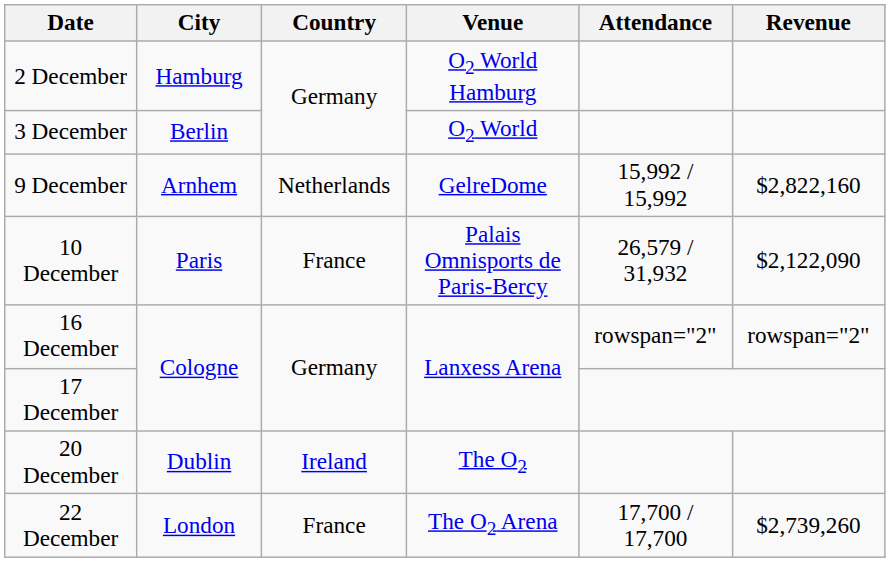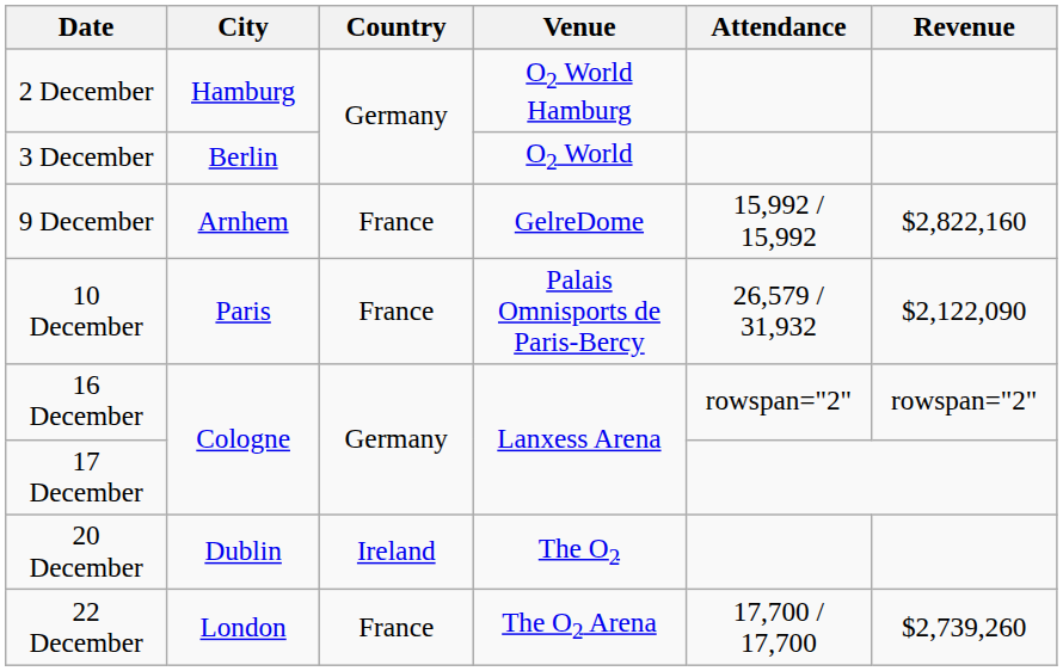 <table class="wikitable" style="text-align:center;">
 <tr>
 <th width="150">Date</th>
 <th width="150">City</th>
 <th width="150">Country</th>
 <th width="250">Venue</th>
 <th width="150">Attendance</th>
 <th width="150">Revenue</th>
 </tr>
 <tr>
 <td>2 December</td>
 <td><a href='#'>Hamburg</a></td>
 <td rowspan="2">Germany</td>
 <td><a href='#'>O<sub>2</sub> World Hamburg</a></td>
 <td></td>
 <td></td>
 </tr>
 <tr>
 <td>3 December</td>
 <td><a href='#'>Berlin</a></td>
 <td><a href='#'>O<sub>2</sub> World</a></td>
 <td></td>
 <td></td>
 </tr>
 <tr>
 <td>9 December</td>
 <td><a href='#'>Arnhem</a></td>
-<td>Netherlands</td>
+<td>France</td>
 <td><a href='#'>GelreDome</a></td>
 <td>15,992 / 15,992</td>
 <td>$2,822,160</td>
 </tr>
 <tr>
 <td>10 December</td>
 <td><a href='#'>Paris</a></td>
 <td>France</td>
 <td><a href='#'>Palais Omnisports de Paris-Bercy</a></td>
 <td>26,579 / 31,932</td>
 <td>$2,122,090</td>
 </tr>
 <tr>
 <td>16 December</td>
 <td rowspan="2"><a href='#'>Cologne</a></td>
 <td rowspan="2">Germany</td>
 <td rowspan="2"><a href='#'>Lanxess Arena</a></td>
 <td>rowspan="2" </td>
 <td>rowspan="2" </td>
 </tr>
 <tr>
 <td>17 December</td>
 </tr>
 <tr>
 <td>20 December</td>
 <td><a href='#'>Dublin</a></td>
 <td><a href='#'>Ireland</a></td>
 <td><a href='#'>The O<sub>2</sub></a></td>
 <td></td>
 <td></td>
 </tr>
 <tr>
 <td>22 December</td>
 <td><a href='#'>London</a></td>
 <td>France</td>
 <td><a href='#'>The O<sub>2</sub> Arena</a></td>
 <td>17,700 / 17,700</td>
 <td>$2,739,260</td>
 </tr>
 </table>
